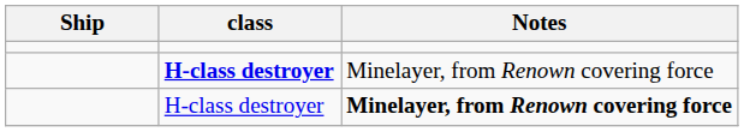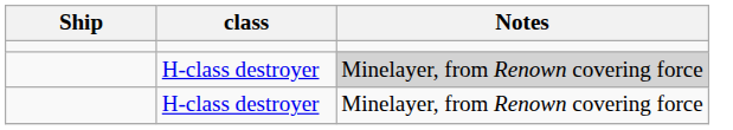 <table class="wikitable" align=left>
 <tr>
 <th scope="col" width="100px">Ship</th>
 <th scope="col" width="120px">class</th>
 <th>Notes</th>
 </tr>
 <tr>
 <td></td>
 <td></td>
 <td></td>
 </tr>
 <tr>
 <td></td>
-<td><strong><a href='#'>H-class destroyer</a></strong></td>
-<td>Minelayer, from <em>Renown</em> covering force</td>
+<td><a href='#'>H-class destroyer</a></td>
+<td style="background: lightgrey;">Minelayer, from <em>Renown</em> covering force</td>
 </tr>
 <tr>
 <td></td>
 <td><a href='#'>H-class destroyer</a></td>
-<td><strong>Minelayer, from <em>Renown</em> covering force</strong></td>
+<td>Minelayer, from <em>Renown</em> covering force</td>
 </tr>
 <tr>
 </tr>
 </table>
